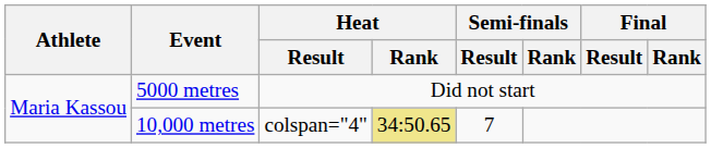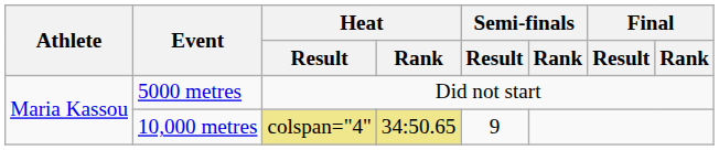 <table class="wikitable" style="font-size:90%; text-align:center">
 <tr>
 <th rowspan="2">Athlete</th>
 <th rowspan="2">Event</th>
 <th colspan="2">Heat</th>
 <th colspan="2">Semi-finals</th>
 <th colspan="2">Final</th>
 </tr>
 <tr>
 <th>Result</th>
 <th>Rank</th>
 <th>Result</th>
 <th>Rank</th>
 <th>Result</th>
 <th>Rank</th>
 </tr>
 <tr>
 <td align="left"  rowspan="2"><a href='#'>Maria Kassou</a></td>
 <td align="left"><a href='#'>5000 metres</a></td>
 <td colspan="6">Did not start</td>
 </tr>
 <tr>
 <td align="left"><a href='#'>10,000 metres</a></td>
-<td>colspan="4" </td>
+<td style="background: khaki;">colspan="4" </td>
 <td style="background: khaki;">34:50.65</td>
-<td>7</td>
+<td>9</td>
 </tr>
 </table>
